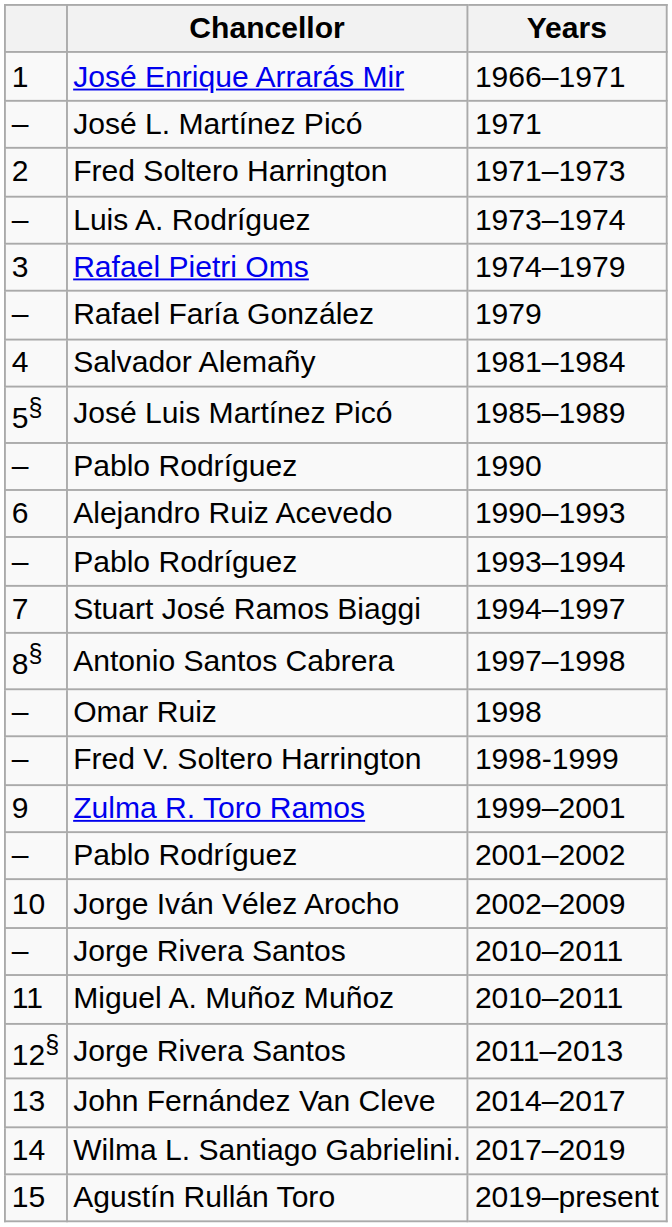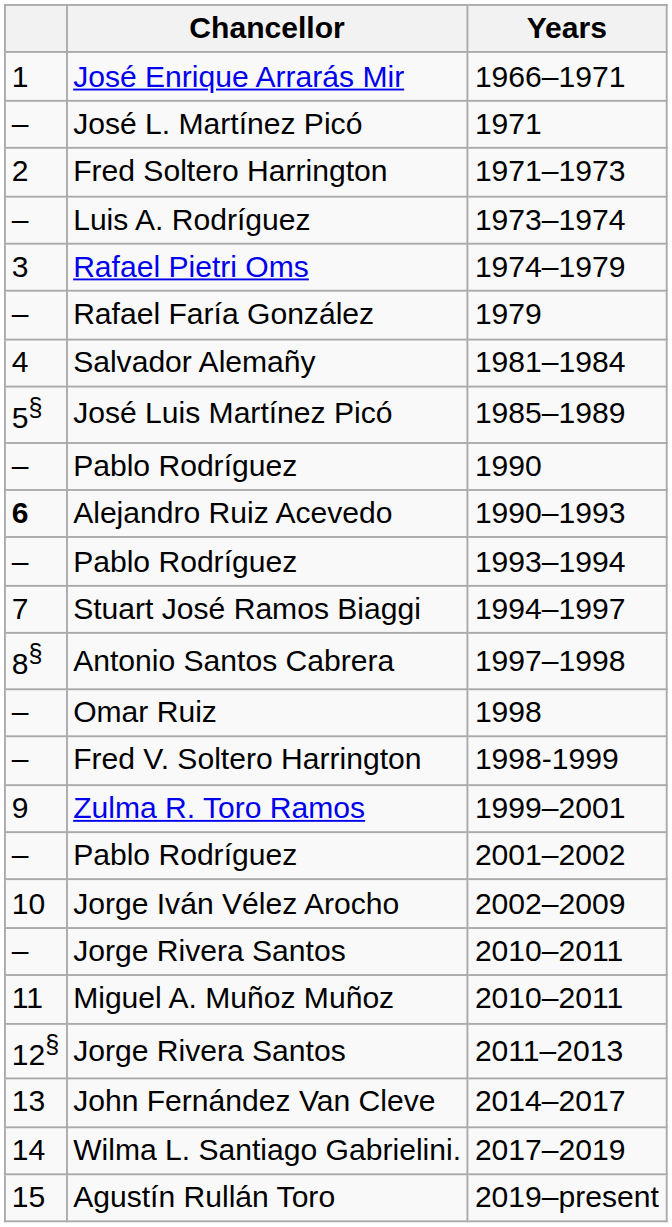 <table class="wikitable">
 <tr style="background:#eee;">
 <th></th>
 <th>Chancellor</th>
 <th>Years</th>
 </tr>
 <tr>
 <td>1</td>
 <td><a href='#'>José Enrique Arrarás Mir</a></td>
 <td>1966–1971</td>
 </tr>
 <tr>
 <td>–</td>
 <td>José L. Martínez Picó</td>
 <td>1971</td>
 </tr>
 <tr>
 <td>2</td>
 <td>Fred Soltero Harrington</td>
 <td>1971–1973</td>
 </tr>
 <tr>
 <td>–</td>
 <td>Luis A. Rodríguez</td>
 <td>1973–1974</td>
 </tr>
 <tr>
 <td>3</td>
 <td><a href='#'>Rafael Pietri Oms</a></td>
 <td>1974–1979</td>
 </tr>
 <tr>
 <td>–</td>
 <td>Rafael Faría González</td>
 <td>1979</td>
 </tr>
 <tr>
 <td>4</td>
 <td>Salvador Alemañy</td>
 <td>1981–1984</td>
 </tr>
 <tr>
 <td>5<sup>§</sup></td>
 <td>José Luis Martínez Picó</td>
 <td>1985–1989</td>
 </tr>
 <tr>
 <td>–</td>
 <td>Pablo Rodríguez</td>
 <td>1990</td>
 </tr>
 <tr>
-<td>6</td>
+<td><strong>6</strong></td>
 <td>Alejandro Ruiz Acevedo</td>
 <td>1990–1993</td>
 </tr>
 <tr>
 <td>–</td>
 <td>Pablo Rodríguez</td>
 <td>1993–1994</td>
 </tr>
 <tr>
 <td>7</td>
 <td>Stuart José Ramos Biaggi</td>
 <td>1994–1997</td>
 </tr>
 <tr>
 <td>8<sup>§</sup></td>
 <td>Antonio Santos Cabrera</td>
 <td>1997–1998</td>
 </tr>
 <tr>
 <td>–</td>
 <td>Omar Ruiz</td>
 <td>1998</td>
 </tr>
 <tr>
 <td>–</td>
 <td>Fred V. Soltero Harrington</td>
 <td>1998‐1999</td>
 </tr>
 <tr>
 <td>9</td>
 <td><a href='#'>Zulma R. Toro Ramos</a></td>
 <td>1999–2001</td>
 </tr>
 <tr>
 <td>–</td>
 <td>Pablo Rodríguez</td>
 <td>2001–2002</td>
 </tr>
 <tr>
 <td>10</td>
 <td>Jorge Iván Vélez Arocho</td>
 <td>2002–2009</td>
 </tr>
 <tr>
 <td>–</td>
 <td>Jorge Rivera Santos</td>
 <td>2010–2011</td>
 </tr>
 <tr>
 <td>11</td>
 <td>Miguel A. Muñoz Muñoz</td>
 <td>2010–2011</td>
 </tr>
 <tr>
 <td>12<sup>§</sup></td>
 <td>Jorge Rivera Santos</td>
 <td>2011–2013</td>
 </tr>
 <tr>
 <td>13</td>
 <td>John Fernández Van Cleve</td>
 <td>2014–2017</td>
 </tr>
 <tr>
 <td>14</td>
 <td>Wilma L. Santiago Gabrielini.</td>
 <td>2017–2019</td>
 </tr>
 <tr>
 <td>15</td>
 <td>Agustín Rullán Toro</td>
 <td>2019–present</td>
 </tr>
 </table>
